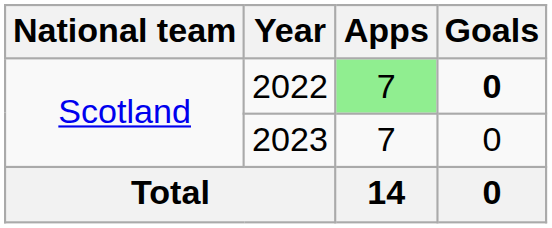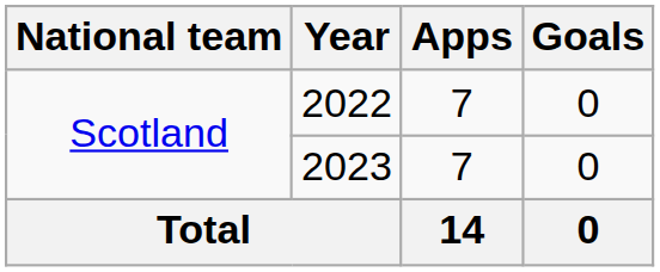 <table class=wikitable style="text-align: center;">
 <tr>
 <th>National team</th>
 <th>Year</th>
 <th>Apps</th>
 <th>Goals</th>
 </tr>
 <tr>
 <td rowspan="2"><a href='#'>Scotland</a></td>
 <td>2022</td>
-<td style="background: lightgreen;">7</td>
-<td><strong>0</strong></td>
+<td>7</td>
+<td>0</td>
 </tr>
 <tr>
 <td>2023</td>
 <td>7</td>
 <td>0</td>
 </tr>
 <tr>
 <th colspan="2">Total</th>
 <th>14</th>
 <th>0</th>
 </tr>
 </table>
